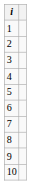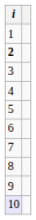 <table class="wikitable">
 <tr>
 <th><em>i</em></th>
 <th> </th>
 </tr>
 <tr>
 <td>1</td>
 <td></td>
 </tr>
 <tr>
-<td>2</td>
+<td><strong>2</strong></td>
 <td></td>
 </tr>
 <tr>
 <td>3</td>
 <td></td>
 </tr>
 <tr>
 <td>4</td>
 <td></td>
 </tr>
 <tr>
 <td>5</td>
 <td></td>
 </tr>
 <tr>
 <td>6</td>
 <td></td>
 </tr>
 <tr>
 <td>7</td>
 <td></td>
 </tr>
 <tr>
 <td>8</td>
 <td></td>
 </tr>
 <tr>
 <td>9</td>
 <td></td>
 </tr>
 <tr>
-<td>10</td>
+<td style="background: lavender;">10</td>
 <td></td>
 </tr>
 </table>
